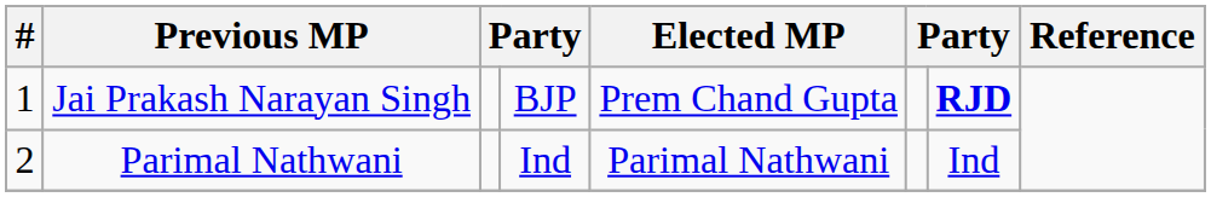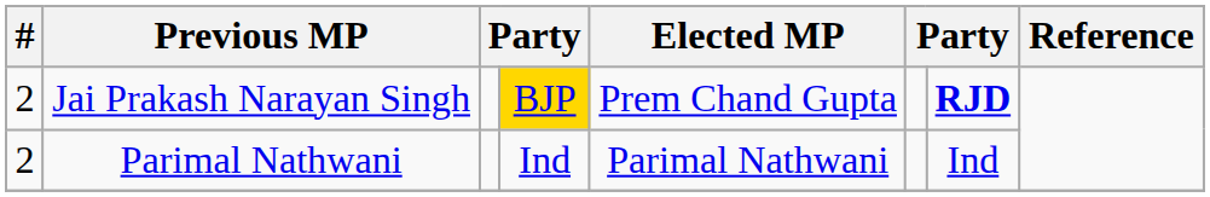 <table class="wikitable">
 <tr>
 <th>#</th>
 <th>Previous MP</th>
 <th colspan=2>Party</th>
 <th>Elected MP</th>
 <th colspan=2>Party</th>
 <th>Reference</th>
 </tr>
 <tr style="text-align:center;">
-<td>1</td>
+<td>2</td>
 <td><a href='#'>Jai Prakash Narayan Singh</a></td>
 <td width="1px"></td>
-<td rowspan=1><a href='#'>BJP</a></td>
+<td rowspan=1 style="background: gold;"><a href='#'>BJP</a></td>
 <td><a href='#'>Prem Chand Gupta</a></td>
 <td width="1px"></td>
 <td rowspan=1><strong><a href='#'>RJD</a></strong></td>
 <td rowspan=2></td>
 </tr>
 <tr style="text-align:center;">
 <td>2</td>
 <td><a href='#'>Parimal Nathwani</a></td>
 <td width="1px"></td>
 <td rowspan=1><a href='#'>Ind</a></td>
 <td><a href='#'>Parimal Nathwani</a></td>
 <td width="1px"></td>
 <td rowspan=1><a href='#'>Ind</a></td>
 </tr>
 <tr style="text-align:center;">
 </tr>
 </table>
